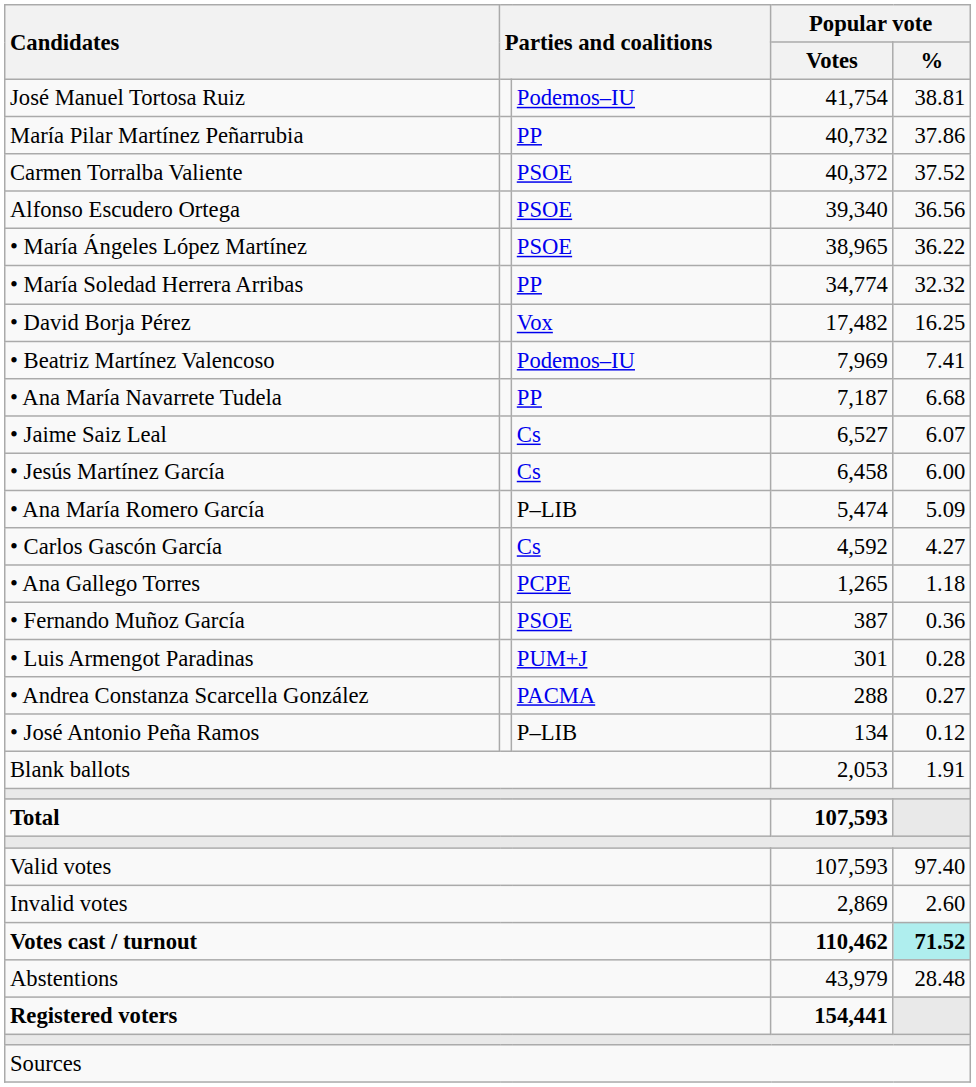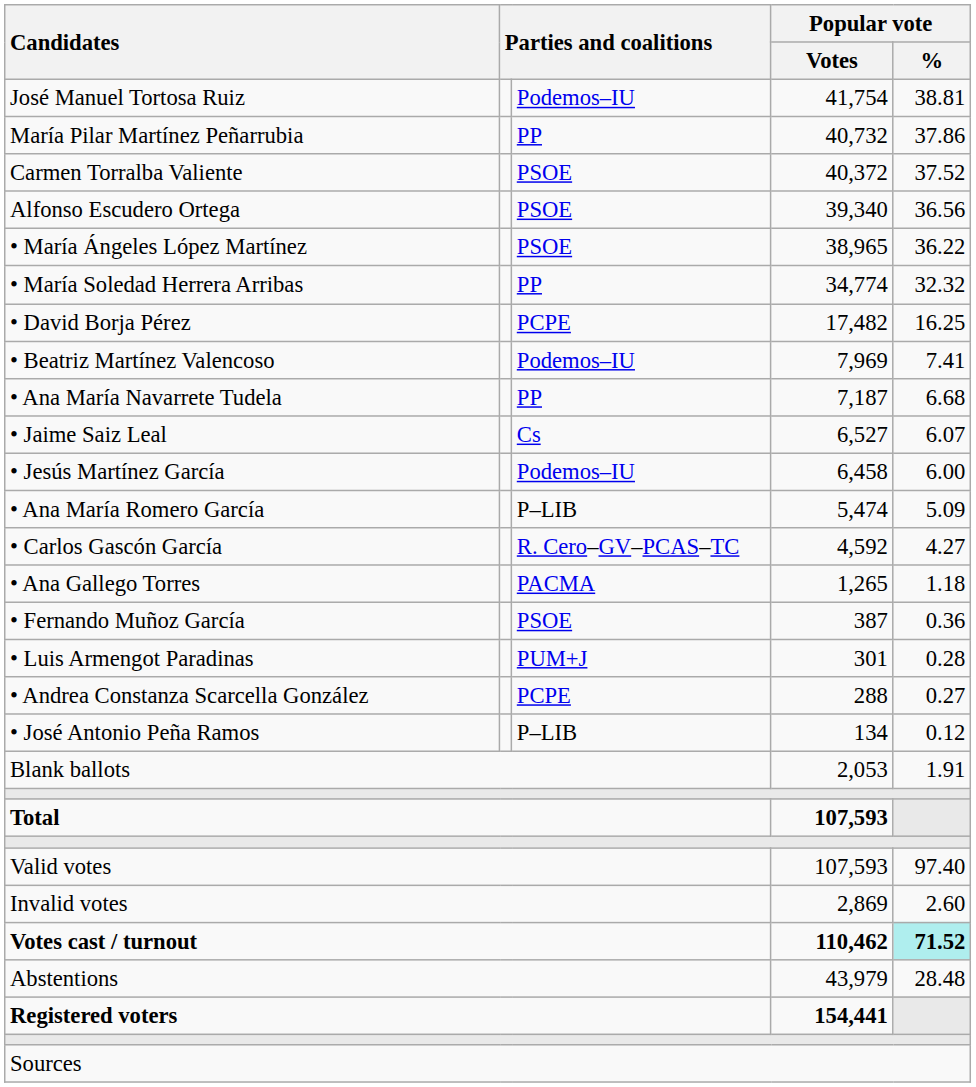 <table class="wikitable" style="text-align:right; font-size:95%;">
 <tr>
 <th style="text-align:left;" rowspan="2" width="325">Candidates</th>
 <th style="text-align:left;" rowspan="2" colspan="2" width="175">Parties and coalitions</th>
 <th colspan="2">Popular vote</th>
 </tr>
 <tr>
 <th width="75">Votes</th>
 <th width="45">%</th>
 </tr>
 <tr>
 <td align="left"> José Manuel Tortosa Ruiz</td>
 <td width="1" style="color:inherit;background:"></td>
 <td align="left"><a href='#'>Podemos–IU</a></td>
 <td>41,754</td>
 <td>38.81</td>
 </tr>
 <tr>
 <td align="left"> María Pilar Martínez Peñarrubia</td>
 <td style="color:inherit;background:"></td>
 <td align="left"><a href='#'>PP</a></td>
 <td>40,732</td>
 <td>37.86</td>
 </tr>
 <tr>
 <td align="left"> Carmen Torralba Valiente</td>
 <td style="color:inherit;background:"></td>
 <td align="left"><a href='#'>PSOE</a></td>
 <td>40,372</td>
 <td>37.52</td>
 </tr>
 <tr>
 <td align="left"> Alfonso Escudero Ortega</td>
 <td style="color:inherit;background:"></td>
 <td align="left"><a href='#'>PSOE</a></td>
 <td>39,340</td>
 <td>36.56</td>
 </tr>
 <tr>
 <td align="left">• María Ángeles López Martínez</td>
 <td style="color:inherit;background:"></td>
 <td align="left"><a href='#'>PSOE</a></td>
 <td>38,965</td>
 <td>36.22</td>
 </tr>
 <tr>
 <td align="left">• María Soledad Herrera Arribas</td>
 <td style="color:inherit;background:"></td>
 <td align="left"><a href='#'>PP</a></td>
 <td>34,774</td>
 <td>32.32</td>
 </tr>
 <tr>
 <td align="left">• David Borja Pérez</td>
 <td style="color:inherit;background:"></td>
-<td align="left"><a href='#'>Vox</a></td>
+<td align="left"><a href='#'>PCPE</a></td>
 <td>17,482</td>
 <td>16.25</td>
 </tr>
 <tr>
 <td align="left">• Beatriz Martínez Valencoso</td>
 <td style="color:inherit;background:"></td>
 <td align="left"><a href='#'>Podemos–IU</a></td>
 <td>7,969</td>
 <td>7.41</td>
 </tr>
 <tr>
 <td align="left">• Ana María Navarrete Tudela</td>
 <td style="color:inherit;background:"></td>
 <td align="left"><a href='#'>PP</a></td>
 <td>7,187</td>
 <td>6.68</td>
 </tr>
 <tr>
 <td align="left">• Jaime Saiz Leal</td>
 <td style="color:inherit;background:"></td>
 <td align="left"><a href='#'>Cs</a></td>
 <td>6,527</td>
 <td>6.07</td>
 </tr>
 <tr>
 <td align="left">• Jesús Martínez García</td>
 <td style="color:inherit;background:"></td>
-<td align="left"><a href='#'>Cs</a></td>
+<td align="left"><a href='#'>Podemos–IU</a></td>
 <td>6,458</td>
 <td>6.00</td>
 </tr>
 <tr>
 <td align="left">• Ana María Romero García</td>
 <td style="color:inherit;background:"></td>
 <td align="left">P–LIB</td>
 <td>5,474</td>
 <td>5.09</td>
 </tr>
 <tr>
 <td align="left">• Carlos Gascón García</td>
 <td style="color:inherit;background:"></td>
-<td align="left"><a href='#'>Cs</a></td>
+<td align="left"><a href='#'>R. Cero</a>–<a href='#'>GV</a>–<a href='#'>PCAS</a>–<a href='#'>TC</a></td>
 <td>4,592</td>
 <td>4.27</td>
 </tr>
 <tr>
 <td align="left">• Ana Gallego Torres</td>
 <td style="color:inherit;background:"></td>
-<td align="left"><a href='#'>PCPE</a></td>
+<td align="left"><a href='#'>PACMA</a></td>
 <td>1,265</td>
 <td>1.18</td>
 </tr>
 <tr>
 <td align="left">• Fernando Muñoz García</td>
 <td style="color:inherit;background:"></td>
 <td align="left"><a href='#'>PSOE</a></td>
 <td>387</td>
 <td>0.36</td>
 </tr>
 <tr>
 <td align="left">• Luis Armengot Paradinas</td>
 <td style="color:inherit;background:"></td>
 <td align="left"><a href='#'>PUM+J</a></td>
 <td>301</td>
 <td>0.28</td>
 </tr>
 <tr>
 <td align="left">• Andrea Constanza Scarcella González</td>
 <td style="color:inherit;background:"></td>
-<td align="left"><a href='#'>PACMA</a></td>
+<td align="left"><a href='#'>PCPE</a></td>
 <td>288</td>
 <td>0.27</td>
 </tr>
 <tr>
 <td align="left">• José Antonio Peña Ramos</td>
 <td style="color:inherit;background:"></td>
 <td align="left">P–LIB</td>
 <td>134</td>
 <td>0.12</td>
 </tr>
 <tr>
 <td align="left" colspan="3">Blank ballots</td>
 <td>2,053</td>
 <td>1.91</td>
 </tr>
 <tr>
 <td colspan="5" bgcolor="#E9E9E9"></td>
 </tr>
 <tr style="font-weight:bold;">
 <td align="left" colspan="3">Total</td>
 <td>107,593</td>
 <td bgcolor="#E9E9E9"></td>
 </tr>
 <tr>
 <td colspan="5" bgcolor="#E9E9E9"></td>
 </tr>
 <tr>
 <td align="left" colspan="3">Valid votes</td>
 <td>107,593</td>
 <td>97.40</td>
 </tr>
 <tr>
 <td align="left" colspan="3">Invalid votes</td>
 <td>2,869</td>
 <td>2.60</td>
 </tr>
 <tr style="font-weight:bold;">
 <td align="left" colspan="3">Votes cast / turnout</td>
 <td>110,462</td>
 <td style="background: paleturquoise;">71.52</td>
 </tr>
 <tr>
 <td align="left" colspan="3">Abstentions</td>
 <td>43,979</td>
 <td>28.48</td>
 </tr>
 <tr style="font-weight:bold;">
 <td align="left" colspan="3">Registered voters</td>
 <td>154,441</td>
 <td bgcolor="#E9E9E9"></td>
 </tr>
 <tr>
 <td colspan="5" bgcolor="#E9E9E9"></td>
 </tr>
 <tr>
 <td align="left" colspan="5">Sources</td>
 </tr>
 </table>
